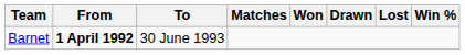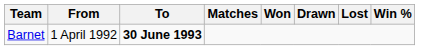 <table class="wikitable" style="text-align: center">
 <tr>
 <th>Team</th>
 <th>From</th>
 <th class="unsortable">To</th>
 <th>Matches</th>
 <th>Won</th>
 <th>Drawn</th>
 <th>Lost</th>
 <th>Win %</th>
 </tr>
 <tr>
 <td align=left><a href='#'>Barnet</a></td>
-<td align=left><strong>1 April 1992</strong></td>
-<td align=left>30 June 1993<br></td>
+<td align=left>1 April 1992</td>
+<td align=left><strong>30 June 1993<br></strong></td>
 </tr>
 </table>
